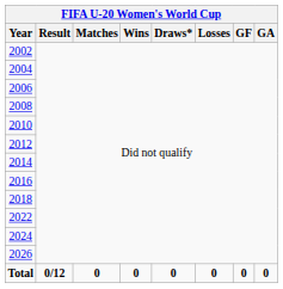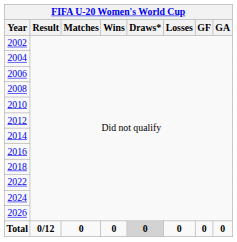 <table class="wikitable" style="text-align: center;">
 <tr>
 <th colspan=10><a href='#'>FIFA U-20 Women's World Cup</a></th>
 </tr>
 <tr>
 <th>Year</th>
 <th>Result</th>
 <th>Matches</th>
 <th>Wins</th>
 <th>Draws*</th>
 <th>Losses</th>
 <th>GF</th>
 <th>GA</th>
 </tr>
 <tr>
 <td> <a href='#'>2002</a></td>
 <td rowspan=12 colspan=7>Did not qualify</td>
 </tr>
 <tr>
 <td> <a href='#'>2004</a></td>
 </tr>
 <tr>
 <td> <a href='#'>2006</a></td>
 </tr>
 <tr>
 <td> <a href='#'>2008</a></td>
 </tr>
 <tr>
 <td> <a href='#'>2010</a></td>
 </tr>
 <tr>
 <td> <a href='#'>2012</a></td>
 </tr>
 <tr>
 <td> <a href='#'>2014</a></td>
 </tr>
 <tr>
 <td> <a href='#'>2016</a></td>
 </tr>
 <tr>
 <td> <a href='#'>2018</a></td>
 </tr>
 <tr>
 <td> <a href='#'>2022</a></td>
 </tr>
 <tr>
 <td> <a href='#'>2024</a></td>
 </tr>
 <tr>
 <td> <a href='#'>2026</a></td>
 </tr>
 <tr>
 <td><strong>Total</strong></td>
 <td><strong>0/12</strong></td>
 <td><strong>0</strong></td>
 <td><strong>0</strong></td>
-<td><strong>0</strong></td>
+<td style="background: lightgrey;"><strong>0</strong></td>
 <td><strong>0</strong></td>
 <td><strong>0</strong></td>
 <td><strong>0</strong></td>
 </tr>
 </table>
